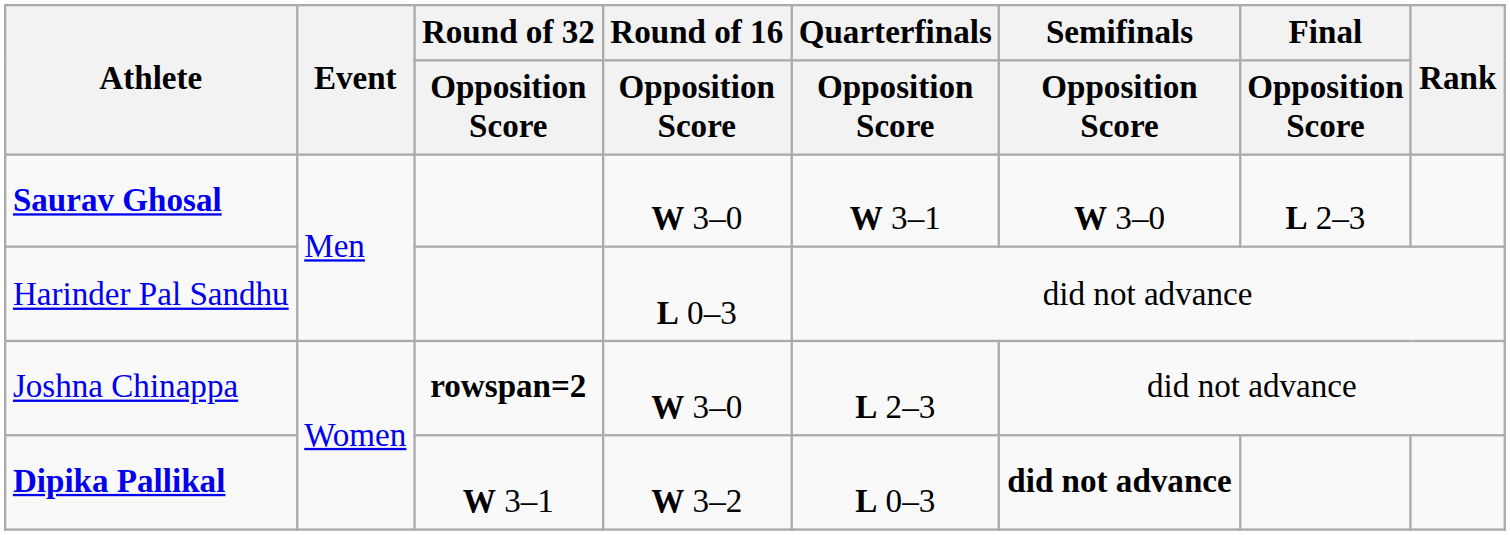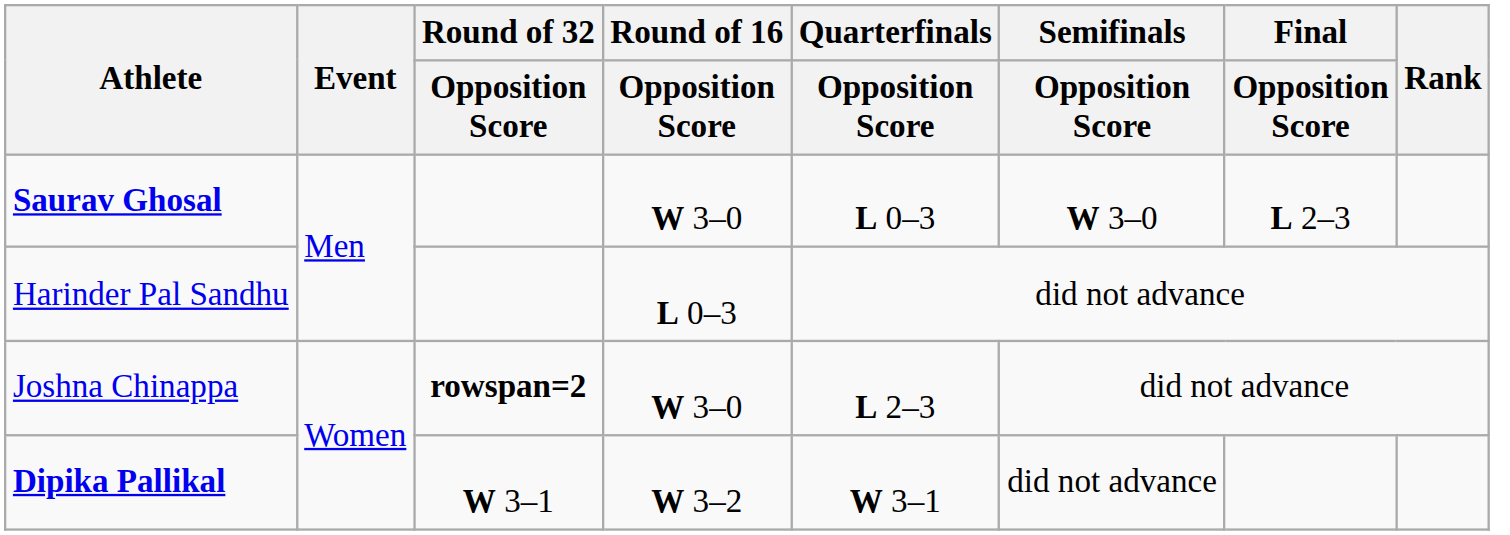 <table class=wikitable style="text-align:center; font-size:90%">
 <tr>
 <th rowspan="2">Athlete</th>
 <th rowspan=2>Event</th>
 <th>Round of 32</th>
 <th>Round of 16</th>
 <th>Quarterfinals</th>
 <th>Semifinals</th>
 <th>Final</th>
 <th rowspan="2">Rank</th>
 </tr>
 <tr>
 <th>Opposition<br>Score</th>
 <th>Opposition<br>Score</th>
 <th>Opposition<br>Score</th>
 <th>Opposition<br>Score</th>
 <th>Opposition<br>Score</th>
 </tr>
 <tr>
 <td align=left><strong><a href='#'>Saurav Ghosal</a></strong></td>
 <td rowspan=2 align=left><a href='#'>Men</a></td>
 <td></td>
 <td><br><strong>W</strong> 3–0</td>
-<td><br><strong>W</strong> 3–1</td>
+<td><br><strong>L</strong> 0–3</td>
 <td><br><strong>W</strong> 3–0</td>
 <td><br><strong>L</strong> 2–3</td>
 <td></td>
 </tr>
 <tr>
 <td align=left><a href='#'>Harinder Pal Sandhu</a></td>
 <td></td>
 <td><br><strong>L</strong> 0–3</td>
 <td colspan=4>did not advance</td>
 </tr>
 <tr>
 <td align=left><a href='#'>Joshna Chinappa</a></td>
 <td rowspan=2 align=left><a href='#'>Women</a></td>
 <td><strong>rowspan=2 </strong></td>
 <td><br><strong>W</strong> 3–0</td>
 <td><br><strong>L</strong> 2–3</td>
 <td colspan=3>did not advance</td>
 </tr>
 <tr>
 <td align=left><strong><a href='#'>Dipika Pallikal</a></strong></td>
 <td><br><strong>W</strong> 3–1</td>
 <td><br><strong>W</strong> 3–2</td>
-<td><br><strong>L</strong> 0–3</td>
-<td><strong>did not advance</strong></td>
+<td><br><strong>W</strong> 3–1</td>
+<td>did not advance</td>
 <td></td>
 </tr>
 </table>
